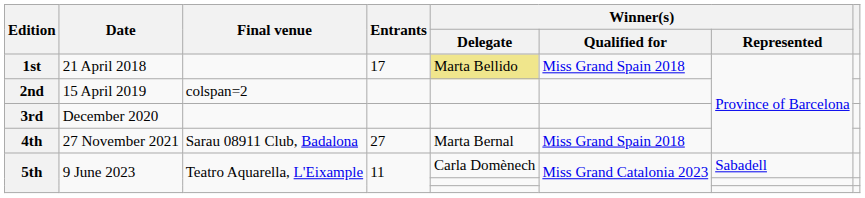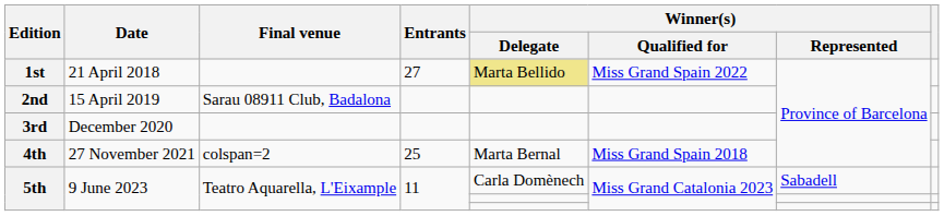 <table class="wikitable defaultcenter col2left col3left col5left" style="font-size:95%;">
 <tr>
 <th rowspan=2>Edition</th>
 <th rowspan=2>Date</th>
 <th rowspan=2>Final venue</th>
 <th rowspan=2>Entrants</th>
 <th colspan=3>Winner(s)</th>
 <th rowspan=2></th>
 </tr>
 <tr>
 <th>Delegate</th>
 <th>Qualified for</th>
 <th>Represented</th>
 </tr>
 <tr>
 <th>1st</th>
 <td>21 April 2018</td>
 <td></td>
-<td>17</td>
+<td>27</td>
 <td style="background: khaki;">Marta Bellido</td>
-<td><a href='#'>Miss Grand Spain 2018</a></td>
+<td><a href='#'>Miss Grand Spain 2022</a></td>
 <td rowspan=4><a href='#'>Province of Barcelona</a></td>
 <td></td>
 </tr>
 <tr>
 <th>2nd</th>
 <td>15 April 2019</td>
-<td>colspan=2 </td>
+<td>Sarau 08911 Club, <a href='#'>Badalona</a></td>
 <td></td>
 <td></td>
 <td></td>
 </tr>
 <tr>
 <th>3rd</th>
 <td>December 2020</td>
 <td></td>
 <td></td>
 <td></td>
 <td></td>
 <td></td>
 </tr>
 <tr>
 <th>4th</th>
 <td>27 November 2021</td>
-<td>Sarau 08911 Club, <a href='#'>Badalona</a></td>
-<td>27</td>
+<td>colspan=2 </td>
+<td>25</td>
 <td>Marta Bernal</td>
 <td><a href='#'>Miss Grand Spain 2018</a></td>
 <td></td>
 </tr>
 <tr>
 <th rowspan=3>5th</th>
 <td rowspan=3>9 June 2023</td>
 <td rowspan=4>Teatro Aquarella, <a href='#'>L'Eixample</a></td>
 <td rowspan=3>11</td>
 <td>Carla Domènech</td>
 <td rowspan=3><a href='#'>Miss Grand Catalonia 2023</a></td>
 <td><a href='#'>Sabadell</a></td>
 <td></td>
 </tr>
 <tr>
 <td></td>
 <td></td>
 <td></td>
 </tr>
 <tr>
 <td></td>
 <td></td>
 <td></td>
 </tr>
 </table>
